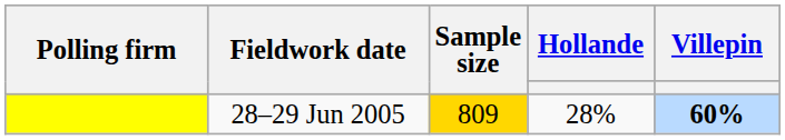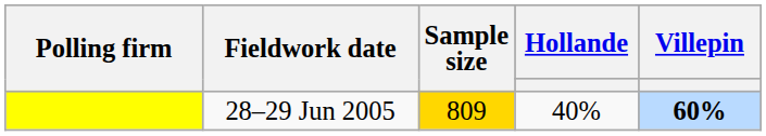 <table class="wikitable sortable" style="text-align:center;font-size:90%;line-height:14px;">
 <tr style="height:40px;">
 <th style="width:100px;" rowspan="2">Polling firm</th>
 <th style="width:110px;" rowspan="2">Fieldwork date</th>
 <th style="width:35px;" rowspan="2">Sample<br>size</th>
 <th class="unsortable" style="width:60px;"><a href='#'>Hollande</a><br></th>
 <th class="unsortable" style="width:60px;"><a href='#'>Villepin</a><br></th>
 </tr>
 <tr>
 <th style="background:"></th>
 <th style="background:"></th>
 </tr>
 <tr>
 <td style="background:yellow;"></td>
 <td data-sort-value="2005-06-29">28–29 Jun 2005</td>
 <td style="background: gold;">809</td>
-<td>28%</td>
+<td>40%</td>
 <td style="background:#B9DAFF;"><strong>60%</strong></td>
 </tr>
 </table>
